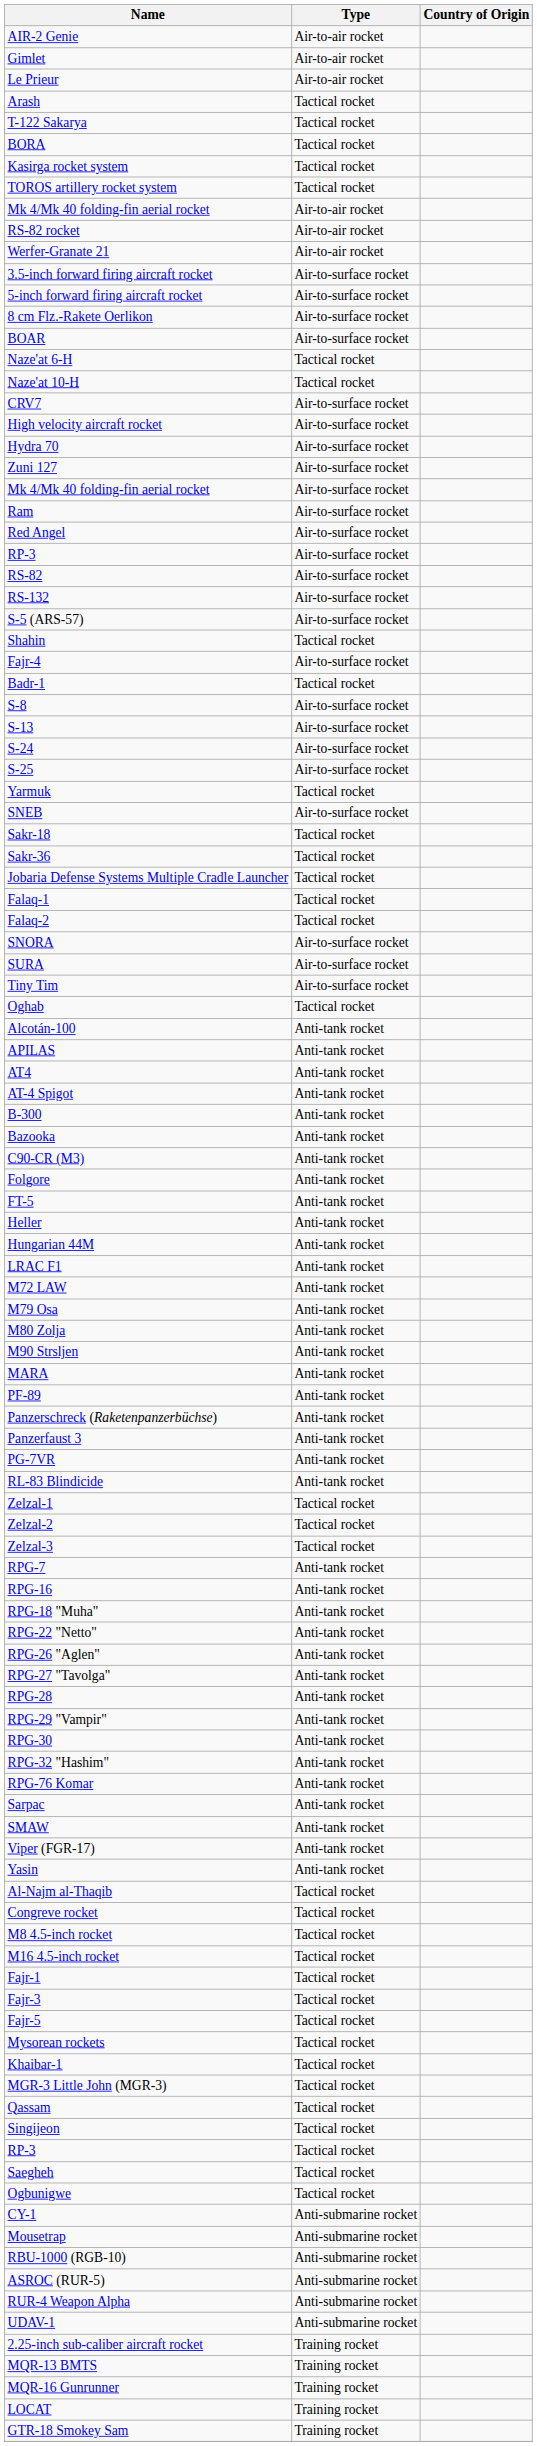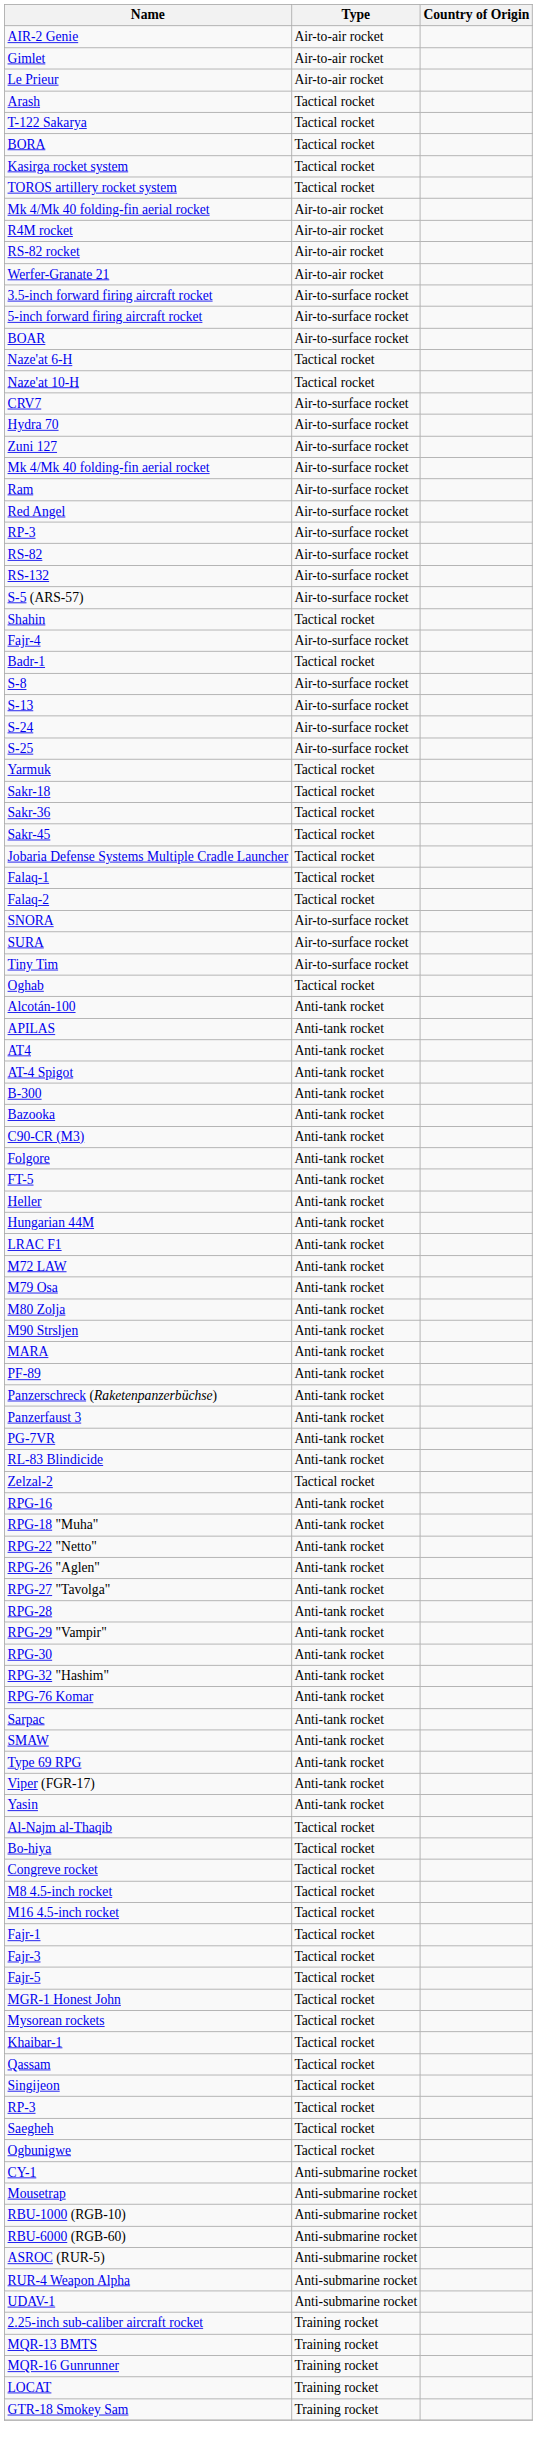 <table class="wikitable sortable sticky-header">
 <tr>
 <th scope="col">Name</th>
 <th scope="col">Type</th>
 <th scope="col">Country of Origin</th>
 </tr>
 <tr>
 <td><a href='#'>AIR-2 Genie</a></td>
 <td>Air-to-air rocket</td>
 <td data-sort-value="United States"></td>
 </tr>
 <tr>
 <td><a href='#'>Gimlet</a></td>
 <td>Air-to-air rocket</td>
 <td data-sort-value="United States"></td>
 </tr>
 <tr>
 <td><a href='#'>Le Prieur</a></td>
 <td>Air-to-air rocket</td>
 <td data-sort-value="France"></td>
 </tr>
 <tr>
 <td><a href='#'>Arash</a></td>
 <td>Tactical rocket</td>
 <td data-sort-value="Iran"></td>
 </tr>
 <tr>
 <td><a href='#'>T-122 Sakarya</a></td>
 <td>Tactical rocket</td>
 <td data-sort-value="Turkey"></td>
 </tr>
 <tr>
 <td><a href='#'>BORA</a></td>
 <td>Tactical rocket</td>
 <td data-sort-value="Turkey"></td>
 </tr>
 <tr>
 <td><a href='#'>Kasirga rocket system</a></td>
 <td>Tactical rocket</td>
 <td data-sort-value="Turkey"></td>
 </tr>
 <tr>
 <td><a href='#'>TOROS artillery rocket system</a></td>
 <td>Tactical rocket</td>
 <td data-sort-value="Turkey"></td>
 </tr>
 <tr>
 <td><a href='#'>Mk 4/Mk 40 folding-fin aerial rocket</a></td>
 <td>Air-to-air rocket</td>
 <td data-sort-value="United States"></td>
 </tr>
 <tr>
+<td><a href='#'>R4M rocket</a></td>
+<td>Air-to-air rocket</td>
+<td data-sort-value="Germany"></td>
+</tr>
+<tr>
 <td><a href='#'>RS-82 rocket</a></td>
 <td>Air-to-air rocket</td>
 <td data-sort-value="Soviet Union"></td>
 </tr>
 <tr>
 <td><a href='#'>Werfer-Granate 21</a></td>
 <td>Air-to-air rocket</td>
 <td data-sort-value="Germany"></td>
 </tr>
 <tr>
 <td><a href='#'>3.5-inch forward firing aircraft rocket</a></td>
 <td>Air-to-surface rocket</td>
 <td data-sort-value="United States"></td>
 </tr>
 <tr>
 <td><a href='#'>5-inch forward firing aircraft rocket</a></td>
 <td>Air-to-surface rocket</td>
 <td data-sort-value="United States"></td>
 </tr>
 <tr>
-<td><a href='#'>8 cm Flz.-Rakete Oerlikon</a></td>
-<td>Air-to-surface rocket</td>
-<td data-sort-value="Switzerland"></td>
-</tr>
-<tr>
 <td><a href='#'>BOAR</a></td>
 <td>Air-to-surface rocket</td>
 <td data-sort-value="United States"></td>
 </tr>
 <tr>
 <td><a href='#'>Naze'at 6-H</a></td>
 <td>Tactical rocket</td>
 <td data-sort-value="Iran"></td>
 </tr>
 <tr>
 <td><a href='#'>Naze'at 10-H</a></td>
 <td>Tactical rocket</td>
 <td data-sort-value="Iran"></td>
 </tr>
 <tr>
 <td><a href='#'>CRV7</a></td>
 <td>Air-to-surface rocket</td>
 <td data-sort-value="Canada"></td>
-</tr>
-<tr>
-<td><a href='#'>High velocity aircraft rocket</a></td>
-<td>Air-to-surface rocket</td>
-<td data-sort-value="United States"></td>
 </tr>
 <tr>
 <td><a href='#'>Hydra 70</a></td>
 <td>Air-to-surface rocket</td>
 <td data-sort-value="United States"></td>
 </tr>
 <tr>
 <td><a href='#'>Zuni 127</a></td>
 <td>Air-to-surface rocket</td>
 <td></td>
 </tr>
 <tr>
 <td><a href='#'>Mk 4/Mk 40 folding-fin aerial rocket</a></td>
 <td>Air-to-surface rocket</td>
 <td data-sort-value="United States"></td>
 </tr>
 <tr>
 <td><a href='#'>Ram</a></td>
 <td>Air-to-surface rocket</td>
 <td data-sort-value="United States"></td>
 </tr>
 <tr>
 <td><a href='#'>Red Angel</a></td>
 <td>Air-to-surface rocket</td>
 <td data-sort-value="United Kingdom"></td>
 </tr>
 <tr>
 <td><a href='#'>RP-3</a></td>
 <td>Air-to-surface rocket</td>
 <td data-sort-value="United Kingdom"></td>
 </tr>
 <tr>
 <td><a href='#'>RS-82</a></td>
 <td>Air-to-surface rocket</td>
 <td data-sort-value="Soviet Union"></td>
 </tr>
 <tr>
 <td><a href='#'>RS-132</a></td>
 <td>Air-to-surface rocket</td>
 <td data-sort-value="Soviet Union"></td>
 </tr>
 <tr>
 <td><a href='#'>S-5</a> (ARS-57)</td>
 <td>Air-to-surface rocket</td>
 <td data-sort-value="Soviet Union"></td>
 </tr>
 <tr>
 <td><a href='#'>Shahin</a></td>
 <td>Tactical rocket</td>
 <td data-sort-value="Iran"></td>
 </tr>
 <tr>
 <td><a href='#'>Fajr-4</a></td>
 <td>Air-to-surface rocket</td>
 <td data-sort-value="Iran"></td>
 </tr>
 <tr>
 <td><a href='#'>Badr-1</a></td>
 <td>Tactical rocket</td>
 <td data-sort-value="Yemen"></td>
 </tr>
 <tr>
 <td><a href='#'>S-8</a></td>
 <td>Air-to-surface rocket</td>
 <td data-sort-value="Soviet Union"></td>
 </tr>
 <tr>
 <td><a href='#'>S-13</a></td>
 <td>Air-to-surface rocket</td>
 <td data-sort-value="Soviet Union"></td>
 </tr>
 <tr>
 <td><a href='#'>S-24</a></td>
 <td>Air-to-surface rocket</td>
 <td data-sort-value="Soviet Union"></td>
 </tr>
 <tr>
 <td><a href='#'>S-25</a></td>
 <td>Air-to-surface rocket</td>
 <td data-sort-value="Soviet Union"></td>
 </tr>
 <tr>
 <td><a href='#'>Yarmuk</a></td>
 <td>Tactical rocket</td>
 <td data-sort-value="Pakistan"></td>
 </tr>
 <tr>
-<td><a href='#'>SNEB</a></td>
-<td>Air-to-surface rocket</td>
-<td data-sort-value="France"></td>
-</tr>
-<tr>
 <td><a href='#'>Sakr-18</a></td>
 <td>Tactical rocket</td>
 <td data-sort-value="Egypt"></td>
 </tr>
 <tr>
 <td><a href='#'>Sakr-36</a></td>
+<td>Tactical rocket</td>
+<td data-sort-value="Egypt"></td>
+</tr>
+<tr>
+<td><a href='#'>Sakr-45</a></td>
 <td>Tactical rocket</td>
 <td data-sort-value="Egypt"></td>
 </tr>
 <tr>
 <td><a href='#'>Jobaria Defense Systems Multiple Cradle Launcher</a></td>
 <td>Tactical rocket</td>
 <td data-sort-value="United Arab Emirates"></td>
 </tr>
 <tr>
 <td><a href='#'>Falaq-1</a></td>
 <td>Tactical rocket</td>
 <td data-sort-value="Iran"></td>
 </tr>
 <tr>
 <td><a href='#'>Falaq-2</a></td>
 <td>Tactical rocket</td>
 <td data-sort-value="Iran"></td>
 </tr>
 <tr>
 <td><a href='#'>SNORA</a></td>
 <td>Air-to-surface rocket</td>
 <td data-sort-value="Switzerland"></td>
 </tr>
 <tr>
 <td><a href='#'>SURA</a></td>
 <td>Air-to-surface rocket</td>
 <td data-sort-value="Switzerland"></td>
 </tr>
 <tr>
 <td><a href='#'>Tiny Tim</a></td>
 <td>Air-to-surface rocket</td>
 <td data-sort-value="United States"></td>
 </tr>
 <tr>
 <td><a href='#'>Oghab</a></td>
 <td>Tactical rocket</td>
 <td date-sort-value="Iran"></td>
 </tr>
 <tr>
 <td><a href='#'>Alcotán-100</a></td>
 <td>Anti-tank rocket</td>
 <td data-sort-value="Spain"></td>
 </tr>
 <tr>
 <td><a href='#'>APILAS</a></td>
 <td>Anti-tank rocket</td>
 <td data-sort-value="France"></td>
 </tr>
 <tr>
 <td><a href='#'>AT4</a></td>
 <td>Anti-tank rocket</td>
 <td data-sort-value="Sweden"></td>
 </tr>
 <tr>
 <td><a href='#'>AT-4 Spigot</a></td>
 <td>Anti-tank rocket</td>
 <td data-sort-value="Soviet Union"></td>
 </tr>
 <tr>
 <td><a href='#'>B-300</a></td>
 <td>Anti-tank rocket</td>
 <td data-sort-value="Israel"></td>
 </tr>
 <tr>
 <td><a href='#'>Bazooka</a></td>
 <td>Anti-tank rocket</td>
 <td data-sort-value="United States"></td>
 </tr>
 <tr>
 <td><a href='#'>C90-CR (M3)</a></td>
 <td>Anti-tank rocket</td>
 <td data-sort-value="Spain"></td>
 </tr>
 <tr>
 <td><a href='#'>Folgore</a></td>
 <td>Anti-tank rocket</td>
 <td data-sort-value="Italy"></td>
 </tr>
 <tr>
 <td><a href='#'>FT-5</a></td>
 <td>Anti-tank rocket</td>
 <td data-sort-value="South Africa"></td>
 </tr>
 <tr>
 <td><a href='#'>Heller</a></td>
 <td>Anti-tank rocket</td>
 <td data-sort-value="Canada"></td>
 </tr>
 <tr>
 <td><a href='#'>Hungarian 44M</a></td>
 <td>Anti-tank rocket</td>
 <td data-sort-value="Hungary"></td>
 </tr>
 <tr>
 <td><a href='#'>LRAC F1</a></td>
 <td>Anti-tank rocket</td>
 <td data-sort-value="France"></td>
 </tr>
 <tr>
 <td><a href='#'>M72 LAW</a></td>
 <td>Anti-tank rocket</td>
 <td data-sort-value="United States"></td>
 </tr>
 <tr>
 <td><a href='#'>M79 Osa</a></td>
 <td>Anti-tank rocket</td>
 <td data-sort-value="Yugoslavia"></td>
 </tr>
 <tr>
 <td><a href='#'>M80 Zolja</a></td>
 <td>Anti-tank rocket</td>
 <td data-sort-value="SFR Yugoslavia"></td>
 </tr>
 <tr>
 <td><a href='#'>M90 Strsljen</a></td>
 <td>Anti-tank rocket</td>
 <td data-sort-value="Serbia"></td>
 </tr>
 <tr>
 <td><a href='#'>MARA</a></td>
 <td>Anti-tank rocket</td>
 <td data-sort-value="Argentina"></td>
 </tr>
 <tr>
 <td><a href='#'>PF-89</a></td>
 <td>Anti-tank rocket</td>
 <td data-sort-value="China"></td>
 </tr>
 <tr>
 <td><a href='#'>Panzerschreck</a> (<em>Raketenpanzerbüchse</em>)</td>
 <td>Anti-tank rocket</td>
 <td data-sort-value="Germany"></td>
 </tr>
 <tr>
 <td><a href='#'>Panzerfaust 3</a></td>
 <td>Anti-tank rocket</td>
 <td data-sort-value="Germany"></td>
 </tr>
 <tr>
 <td><a href='#'>PG-7VR</a></td>
 <td>Anti-tank rocket</td>
 <td data-sort-value="Soviet Union"></td>
 </tr>
 <tr>
 <td><a href='#'>RL-83 Blindicide</a></td>
 <td>Anti-tank rocket</td>
 <td data-sort-value="Belgium"></td>
 </tr>
 <tr>
-<td><a href='#'>Zelzal-1</a></td>
-<td>Tactical rocket</td>
-<td data-sort-value="Iran"></td>
-</tr>
-<tr>
 <td><a href='#'>Zelzal-2</a></td>
 <td>Tactical rocket</td>
 <td data-sort-value="Iran"></td>
-</tr>
-<tr>
-<td><a href='#'>Zelzal-3</a></td>
-<td>Tactical rocket</td>
-<td data-sort-value="Iran"></td>
-</tr>
-<tr>
-<td><a href='#'>RPG-7</a></td>
-<td>Anti-tank rocket</td>
-<td data-sort-value="Soviet Union"></td>
 </tr>
 <tr>
 <td><a href='#'>RPG-16</a></td>
 <td>Anti-tank rocket</td>
 <td data-sort-value="Soviet Union"></td>
 </tr>
 <tr>
 <td><a href='#'>RPG-18</a> "Muha"</td>
 <td>Anti-tank rocket</td>
 <td data-sort-value="Soviet Union"></td>
 </tr>
 <tr>
 <td><a href='#'>RPG-22</a> "Netto"</td>
 <td>Anti-tank rocket</td>
 <td data-sort-value="Soviet Union"></td>
 </tr>
 <tr>
 <td><a href='#'>RPG-26</a> "Aglen"</td>
 <td>Anti-tank rocket</td>
 <td data-sort-value="Soviet Union"></td>
 </tr>
 <tr>
 <td><a href='#'>RPG-27</a> "Tavolga"</td>
 <td>Anti-tank rocket</td>
 <td data-sort-value="Soviet Union"></td>
 </tr>
 <tr>
 <td><a href='#'>RPG-28</a></td>
 <td>Anti-tank rocket</td>
 <td data-sort-value="Russia"></td>
 </tr>
 <tr>
 <td><a href='#'>RPG-29</a> "Vampir"</td>
 <td>Anti-tank rocket</td>
 <td data-sort-value="Soviet Union"></td>
 </tr>
 <tr>
 <td><a href='#'>RPG-30</a></td>
 <td>Anti-tank rocket</td>
 <td data-sort-value="Russia"></td>
 </tr>
 <tr>
 <td><a href='#'>RPG-32</a> "Hashim"</td>
 <td>Anti-tank rocket</td>
 <td data-sort-value="Russia"></td>
 </tr>
 <tr>
 <td><a href='#'>RPG-76 Komar</a></td>
 <td>Anti-tank rocket</td>
 <td data-sort-value="Poland"></td>
 </tr>
 <tr>
 <td><a href='#'>Sarpac</a></td>
 <td>Anti-tank rocket</td>
 <td data-sort-value="France"></td>
 </tr>
 <tr>
 <td><a href='#'>SMAW</a></td>
 <td>Anti-tank rocket</td>
 <td data-sort-value="United States"></td>
 </tr>
 <tr>
+<td><a href='#'>Type 69 RPG</a></td>
+<td>Anti-tank rocket</td>
+<td data-sort-value="China"></td>
+</tr>
+<tr>
 <td><a href='#'>Viper</a> (FGR-17)</td>
 <td>Anti-tank rocket</td>
 <td data-sort-value="United States"></td>
 </tr>
 <tr>
 <td><a href='#'>Yasin</a></td>
 <td>Anti-tank rocket</td>
 <td data-sort-value="Palestine"></td>
 </tr>
 <tr>
 <td><a href='#'>Al-Najm al-Thaqib</a></td>
 <td>Tactical rocket</td>
 <td data-sort-value="Yemen"></td>
+</tr>
+<tr>
+<td><a href='#'>Bo-hiya</a></td>
+<td>Tactical rocket</td>
+<td data-sort-value="Japan"></td>
 </tr>
 <tr>
 <td><a href='#'>Congreve rocket</a></td>
 <td>Tactical rocket</td>
 <td data-sort-value="United Kingdom"></td>
 </tr>
 <tr>
 <td><a href='#'>M8 4.5-inch rocket</a></td>
 <td>Tactical rocket</td>
 <td data-sort-value="United States"></td>
 </tr>
 <tr>
 <td><a href='#'>M16 4.5-inch rocket</a></td>
 <td>Tactical rocket</td>
 <td data-sort-value="United States"></td>
 </tr>
 <tr>
 <td><a href='#'>Fajr-1</a></td>
 <td>Tactical rocket</td>
 <td data-sort-value="Iran"></td>
 </tr>
 <tr>
 <td><a href='#'>Fajr-3</a></td>
 <td>Tactical rocket</td>
 <td data-sort-value="Iran"></td>
 </tr>
 <tr>
 <td><a href='#'>Fajr-5</a></td>
 <td>Tactical rocket</td>
 <td data-sort-value="Iran"></td>
 </tr>
 <tr>
+<td><a href='#'>MGR-1 Honest John</a></td>
+<td>Tactical rocket</td>
+<td data-sort-value="United States"></td>
+</tr>
+<tr>
 <td><a href='#'>Mysorean rockets</a></td>
 <td>Tactical rocket</td>
 <td data-sort-value="United Kingdom"></td>
 </tr>
 <tr>
 <td><a href='#'>Khaibar-1</a></td>
 <td>Tactical rocket</td>
 <td data-sort-value="Syria"></td>
-</tr>
-<tr>
-<td><a href='#'>MGR-3 Little John</a> (MGR-3)</td>
-<td>Tactical rocket</td>
-<td data-sort-value="United States"></td>
 </tr>
 <tr>
 <td><a href='#'>Qassam</a></td>
 <td>Tactical rocket</td>
 <td data-sort-value="Palestine"></td>
 </tr>
 <tr>
 <td><a href='#'>Singijeon</a></td>
 <td>Tactical rocket</td>
 <td data-sort-value="Korea"></td>
 </tr>
 <tr>
 <td><a href='#'>RP-3</a></td>
 <td>Tactical rocket</td>
 <td data-sort-value="United Kingdom"></td>
 </tr>
 <tr>
 <td><a href='#'>Saegheh</a></td>
 <td>Tactical rocket</td>
 <td data-sort-value="Iran"></td>
 </tr>
 <tr>
 <td><a href='#'>Ogbunigwe</a></td>
 <td>Tactical rocket</td>
 <td data-sort-value="Biafra"></td>
 </tr>
 <tr>
 <td><a href='#'>CY-1</a></td>
 <td>Anti-submarine rocket</td>
 <td data-sort-value="China"></td>
 </tr>
 <tr>
 <td><a href='#'>Mousetrap</a></td>
 <td>Anti-submarine rocket</td>
 <td data-sort-value="United States"></td>
 </tr>
 <tr>
 <td><a href='#'>RBU-1000</a> (RGB-10)</td>
+<td>Anti-submarine rocket</td>
+<td data-sort-value="Soviet Union"></td>
+</tr>
+<tr>
+<td><a href='#'>RBU-6000</a> (RGB-60)</td>
 <td>Anti-submarine rocket</td>
 <td data-sort-value="Soviet Union"></td>
 </tr>
 <tr>
 <td><a href='#'>ASROC</a> (RUR-5)</td>
 <td>Anti-submarine rocket</td>
 <td data-sort-value="United States"></td>
 </tr>
 <tr>
 <td><a href='#'>RUR-4 Weapon Alpha</a></td>
 <td>Anti-submarine rocket</td>
 <td data-sort-value="United States"></td>
 </tr>
 <tr>
 <td><a href='#'>UDAV-1</a></td>
 <td>Anti-submarine rocket</td>
 <td data-sort-value="Soviet Union"></td>
 </tr>
 <tr>
 <td><a href='#'>2.25-inch sub-caliber aircraft rocket</a></td>
 <td>Training rocket</td>
 <td data-sort-value="United States"></td>
 </tr>
 <tr>
 <td><a href='#'>MQR-13 BMTS</a></td>
 <td>Training rocket</td>
 <td data-sort-value="United States"></td>
 </tr>
 <tr>
 <td><a href='#'>MQR-16 Gunrunner</a></td>
 <td>Training rocket</td>
 <td data-sort-value="United States"></td>
 </tr>
 <tr>
 <td><a href='#'>LOCAT</a></td>
 <td>Training rocket</td>
 <td data-sort-value="United States"></td>
 </tr>
 <tr>
 <td><a href='#'>GTR-18 Smokey Sam</a></td>
 <td>Training rocket</td>
 <td data-sort-value="United States"></td>
 </tr>
 <tr>
 </tr>
 </table>
